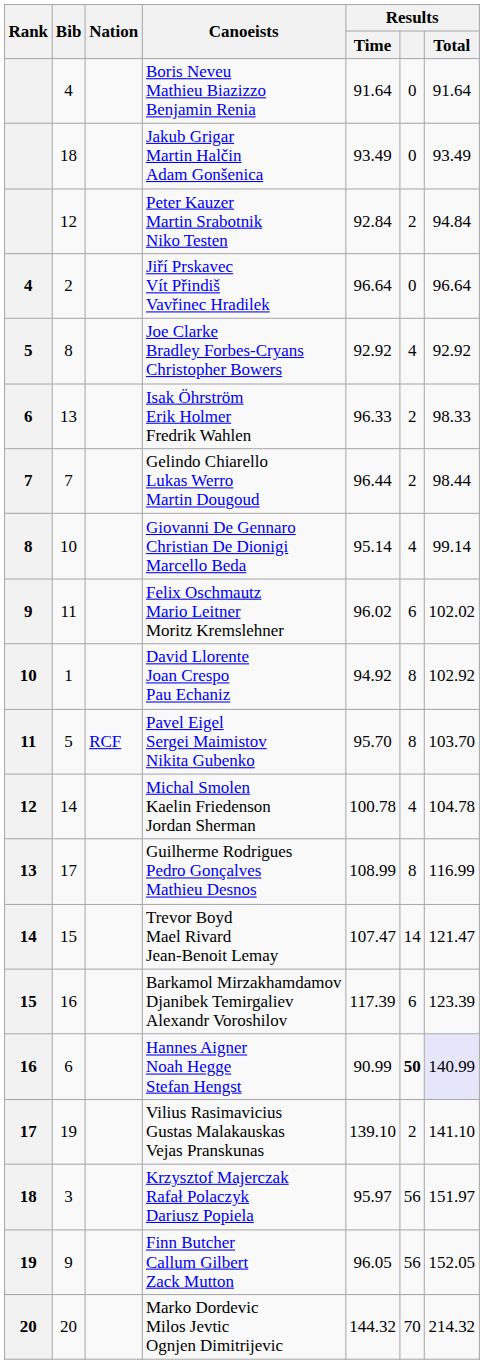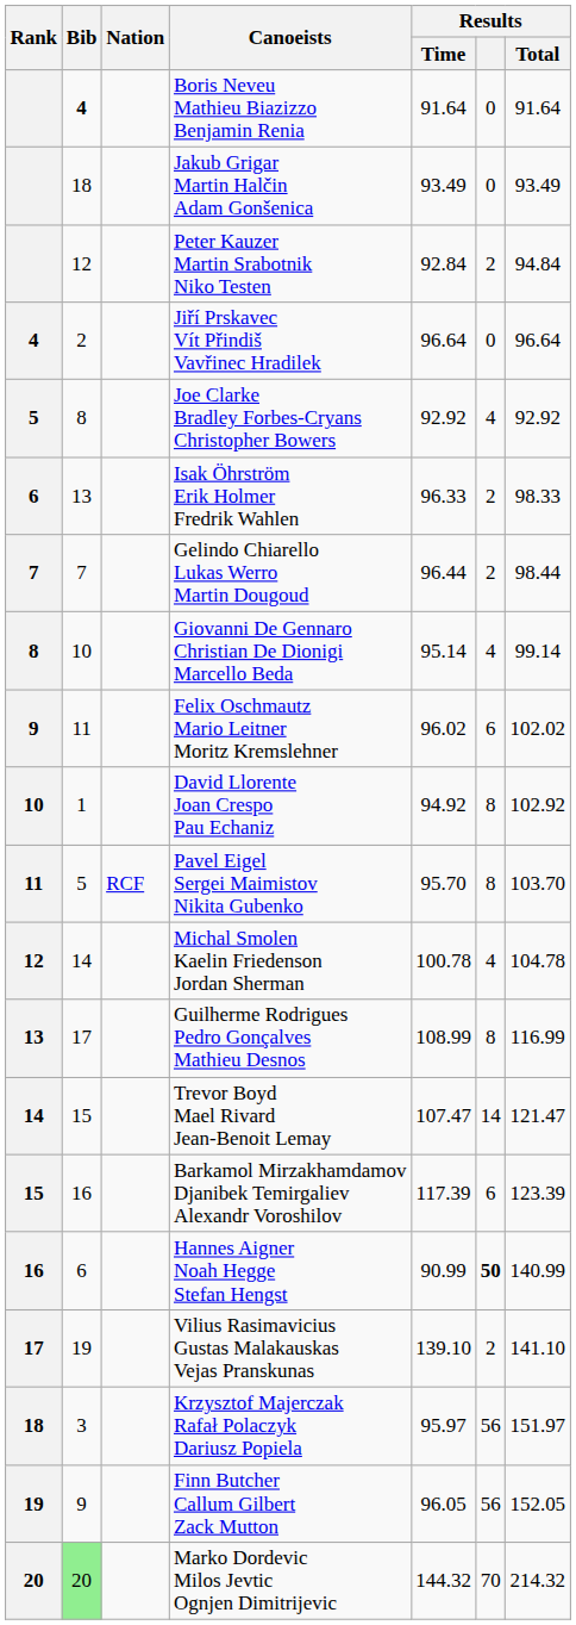 <table class="wikitable" style="text-align:center">
 <tr>
 <th rowspan=2>Rank</th>
 <th rowspan=2>Bib</th>
 <th rowspan=2>Nation</th>
 <th rowspan=2>Canoeists</th>
 <th colspan=3>Results</th>
 </tr>
 <tr>
 <th>Time</th>
 <th></th>
 <th>Total</th>
 </tr>
 <tr>
 <th></th>
-<td>4</td>
+<td><strong>4</strong></td>
 <td align=left></td>
 <td align=left><a href='#'>Boris Neveu</a><br><a href='#'>Mathieu Biazizzo</a><br><a href='#'>Benjamin Renia</a></td>
 <td>91.64</td>
 <td>0</td>
 <td>91.64</td>
 </tr>
 <tr>
 <th></th>
 <td>18</td>
 <td align=left></td>
 <td align=left><a href='#'>Jakub Grigar</a><br><a href='#'>Martin Halčin</a><br><a href='#'>Adam Gonšenica</a></td>
 <td>93.49</td>
 <td>0</td>
 <td>93.49</td>
 </tr>
 <tr>
 <th></th>
 <td>12</td>
 <td align=left></td>
 <td align=left><a href='#'>Peter Kauzer</a><br><a href='#'>Martin Srabotnik</a><br><a href='#'>Niko Testen</a></td>
 <td>92.84</td>
 <td>2</td>
 <td>94.84</td>
 </tr>
 <tr>
 <th>4</th>
 <td>2</td>
 <td align=left></td>
 <td align=left><a href='#'>Jiří Prskavec</a><br><a href='#'>Vít Přindiš</a><br><a href='#'>Vavřinec Hradilek</a></td>
 <td>96.64</td>
 <td>0</td>
 <td>96.64</td>
 </tr>
 <tr>
 <th>5</th>
 <td>8</td>
 <td align=left></td>
 <td align=left><a href='#'>Joe Clarke</a><br><a href='#'>Bradley Forbes-Cryans</a><br><a href='#'>Christopher Bowers</a></td>
 <td>92.92</td>
 <td>4</td>
 <td>92.92</td>
 </tr>
 <tr>
 <th>6</th>
 <td>13</td>
 <td align=left></td>
 <td align=left><a href='#'>Isak Öhrström</a><br><a href='#'>Erik Holmer</a><br>Fredrik Wahlen</td>
 <td>96.33</td>
 <td>2</td>
 <td>98.33</td>
 </tr>
 <tr>
 <th>7</th>
 <td>7</td>
 <td align=left></td>
 <td align=left>Gelindo Chiarello<br><a href='#'>Lukas Werro</a><br><a href='#'>Martin Dougoud</a></td>
 <td>96.44</td>
 <td>2</td>
 <td>98.44</td>
 </tr>
 <tr>
 <th>8</th>
 <td>10</td>
 <td align=left></td>
 <td align=left><a href='#'>Giovanni De Gennaro</a><br><a href='#'>Christian De Dionigi</a><br><a href='#'>Marcello Beda</a></td>
 <td>95.14</td>
 <td>4</td>
 <td>99.14</td>
 </tr>
 <tr>
 <th>9</th>
 <td>11</td>
 <td align=left></td>
 <td align=left><a href='#'>Felix Oschmautz</a><br><a href='#'>Mario Leitner</a><br>Moritz Kremslehner</td>
 <td>96.02</td>
 <td>6</td>
 <td>102.02</td>
 </tr>
 <tr>
 <th>10</th>
 <td>1</td>
 <td align=left></td>
 <td align=left><a href='#'>David Llorente</a><br><a href='#'>Joan Crespo</a><br><a href='#'>Pau Echaniz</a></td>
 <td>94.92</td>
 <td>8</td>
 <td>102.92</td>
 </tr>
 <tr>
 <th>11</th>
 <td>5</td>
 <td align=left> <a href='#'>RCF</a></td>
 <td align=left><a href='#'>Pavel Eigel</a><br><a href='#'>Sergei Maimistov</a><br><a href='#'>Nikita Gubenko</a></td>
 <td>95.70</td>
 <td>8</td>
 <td>103.70</td>
 </tr>
 <tr>
 <th>12</th>
 <td>14</td>
 <td align=left></td>
 <td align=left><a href='#'>Michal Smolen</a><br>Kaelin Friedenson<br>Jordan Sherman</td>
 <td>100.78</td>
 <td>4</td>
 <td>104.78</td>
 </tr>
 <tr>
 <th>13</th>
 <td>17</td>
 <td align=left></td>
 <td align=left>Guilherme Rodrigues<br><a href='#'>Pedro Gonçalves</a><br><a href='#'>Mathieu Desnos</a></td>
 <td>108.99</td>
 <td>8</td>
 <td>116.99</td>
 </tr>
 <tr>
 <th>14</th>
 <td>15</td>
 <td align=left></td>
 <td align=left>Trevor Boyd<br>Mael Rivard<br>Jean-Benoit Lemay</td>
 <td>107.47</td>
 <td>14</td>
 <td>121.47</td>
 </tr>
 <tr>
 <th>15</th>
 <td>16</td>
 <td align=left></td>
 <td align=left>Barkamol Mirzakhamdamov<br>Djanibek Temirgaliev<br>Alexandr Voroshilov</td>
 <td>117.39</td>
 <td>6</td>
 <td>123.39</td>
 </tr>
 <tr>
 <th>16</th>
 <td>6</td>
 <td align=left></td>
 <td align=left><a href='#'>Hannes Aigner</a><br><a href='#'>Noah Hegge</a><br><a href='#'>Stefan Hengst</a></td>
 <td>90.99</td>
 <td><strong>50</strong></td>
-<td style="background: lavender;">140.99</td>
+<td>140.99</td>
 </tr>
 <tr>
 <th>17</th>
 <td>19</td>
 <td align=left></td>
 <td align=left>Vilius Rasimavicius<br>Gustas Malakauskas<br>Vejas Pranskunas</td>
 <td>139.10</td>
 <td>2</td>
 <td>141.10</td>
 </tr>
 <tr>
 <th>18</th>
 <td>3</td>
 <td align=left></td>
 <td align=left><a href='#'>Krzysztof Majerczak</a><br><a href='#'>Rafał Polaczyk</a><br><a href='#'>Dariusz Popiela</a></td>
 <td>95.97</td>
 <td>56</td>
 <td>151.97</td>
 </tr>
 <tr>
 <th>19</th>
 <td>9</td>
 <td align=left></td>
 <td align=left><a href='#'>Finn Butcher</a><br><a href='#'>Callum Gilbert</a><br><a href='#'>Zack Mutton</a></td>
 <td>96.05</td>
 <td>56</td>
 <td>152.05</td>
 </tr>
 <tr>
 <th>20</th>
-<td>20</td>
+<td style="background: lightgreen;">20</td>
 <td align=left></td>
 <td align=left>Marko Dordevic<br>Milos Jevtic<br>Ognjen Dimitrijevic</td>
 <td>144.32</td>
 <td>70</td>
 <td>214.32</td>
 </tr>
 </table>
